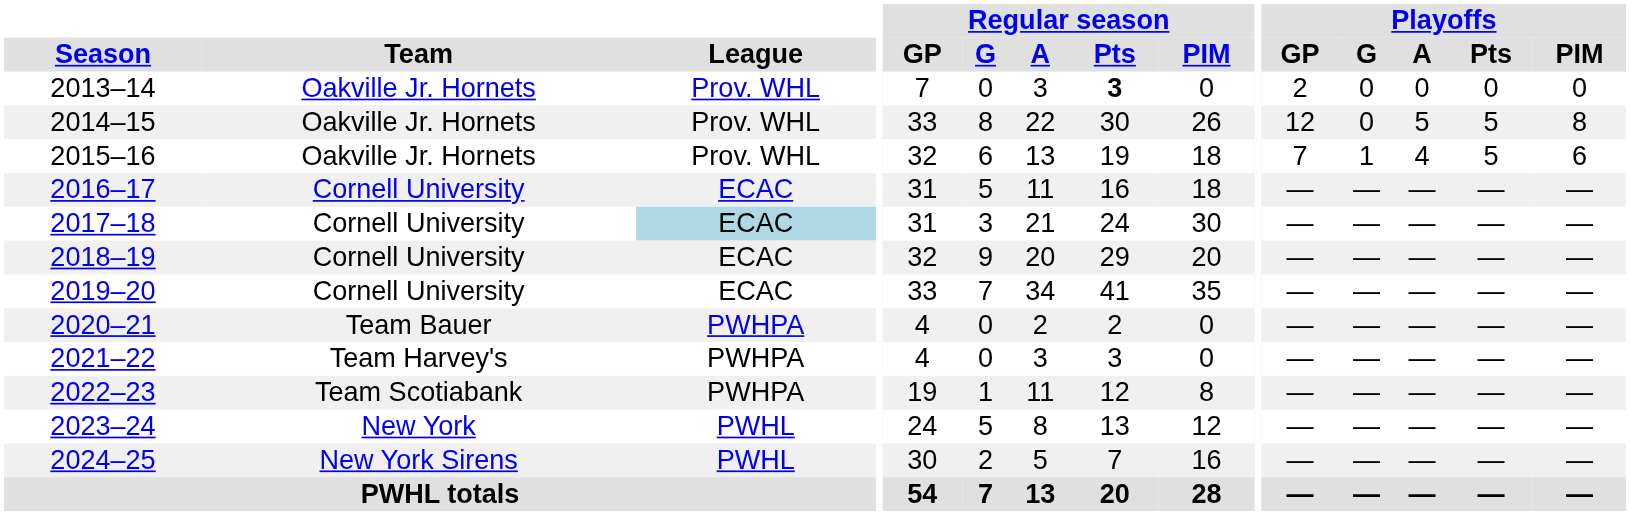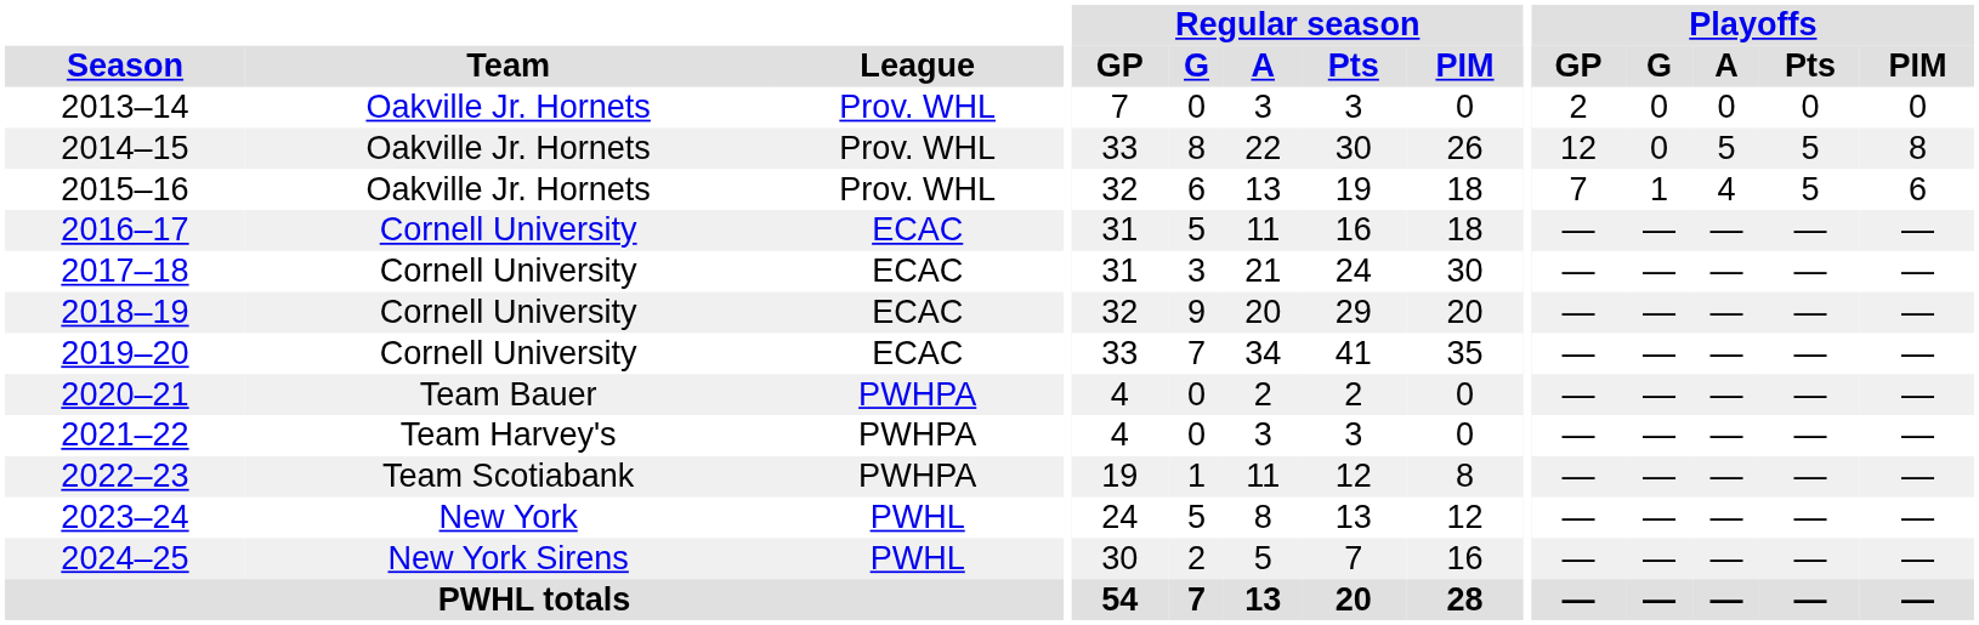 <table border="0" cellpadding="1" cellspacing="0" style="text-align:center; width:60em">
 <tr bgcolor="#e0e0e0">
 <th colspan="3" bgcolor="#ffffff"></th>
 <th rowspan="99" bgcolor="#ffffff"></th>
 <th colspan="5"><a href='#'>Regular season</a></th>
 <th rowspan="99" bgcolor="#ffffff"></th>
 <th colspan="5"><a href='#'>Playoffs</a></th>
 </tr>
 <tr bgcolor="#e0e0e0">
 <th><a href='#'>Season</a></th>
 <th>Team</th>
 <th>League</th>
 <th>GP</th>
 <th><a href='#'>G</a></th>
 <th><a href='#'>A</a></th>
 <th><a href='#'>Pts</a></th>
 <th><a href='#'>PIM</a></th>
 <th>GP</th>
 <th>G</th>
 <th>A</th>
 <th>Pts</th>
 <th>PIM</th>
 </tr>
 <tr>
 <td>2013–14</td>
 <td><a href='#'>Oakville Jr. Hornets</a></td>
 <td><a href='#'>Prov. WHL</a></td>
 <td>7</td>
 <td>0</td>
 <td>3</td>
-<td><strong>3</strong></td>
+<td>3</td>
 <td>0</td>
 <td>2</td>
 <td>0</td>
 <td>0</td>
 <td>0</td>
 <td>0</td>
 </tr>
 <tr bgcolor="#f0f0f0">
 <td>2014–15</td>
 <td>Oakville Jr. Hornets</td>
 <td>Prov. WHL</td>
 <td>33</td>
 <td>8</td>
 <td>22</td>
 <td>30</td>
 <td>26</td>
 <td>12</td>
 <td>0</td>
 <td>5</td>
 <td>5</td>
 <td>8</td>
 </tr>
 <tr>
 <td>2015–16</td>
 <td>Oakville Jr. Hornets</td>
 <td>Prov. WHL</td>
 <td>32</td>
 <td>6</td>
 <td>13</td>
 <td>19</td>
 <td>18</td>
 <td>7</td>
 <td>1</td>
 <td>4</td>
 <td>5</td>
 <td>6</td>
 </tr>
 <tr bgcolor="#f0f0f0">
 <td><a href='#'>2016–17</a></td>
 <td><a href='#'>Cornell University</a></td>
 <td><a href='#'>ECAC</a></td>
 <td>31</td>
 <td>5</td>
 <td>11</td>
 <td>16</td>
 <td>18</td>
 <td>—</td>
 <td>—</td>
 <td>—</td>
 <td>—</td>
 <td>—</td>
 </tr>
 <tr>
 <td><a href='#'>2017–18</a></td>
 <td>Cornell University</td>
-<td style="background: lightblue;">ECAC</td>
+<td>ECAC</td>
 <td>31</td>
 <td>3</td>
 <td>21</td>
 <td>24</td>
 <td>30</td>
 <td>—</td>
 <td>—</td>
 <td>—</td>
 <td>—</td>
 <td>—</td>
 </tr>
 <tr bgcolor="#f0f0f0">
 <td><a href='#'>2018–19</a></td>
 <td>Cornell University</td>
 <td>ECAC</td>
 <td>32</td>
 <td>9</td>
 <td>20</td>
 <td>29</td>
 <td>20</td>
 <td>—</td>
 <td>—</td>
 <td>—</td>
 <td>—</td>
 <td>—</td>
 </tr>
 <tr>
 <td><a href='#'>2019–20</a></td>
 <td>Cornell University</td>
 <td>ECAC</td>
 <td>33</td>
 <td>7</td>
 <td>34</td>
 <td>41</td>
 <td>35</td>
 <td>—</td>
 <td>—</td>
 <td>—</td>
 <td>—</td>
 <td>—</td>
 </tr>
 <tr bgcolor="#f0f0f0">
 <td><a href='#'>2020–21</a></td>
 <td>Team Bauer</td>
 <td><a href='#'>PWHPA</a></td>
 <td>4</td>
 <td>0</td>
 <td>2</td>
 <td>2</td>
 <td>0</td>
 <td>—</td>
 <td>—</td>
 <td>—</td>
 <td>—</td>
 <td>—</td>
 </tr>
 <tr>
 <td><a href='#'>2021–22</a></td>
 <td>Team Harvey's</td>
 <td>PWHPA</td>
 <td>4</td>
 <td>0</td>
 <td>3</td>
 <td>3</td>
 <td>0</td>
 <td>—</td>
 <td>—</td>
 <td>—</td>
 <td>—</td>
 <td>—</td>
 </tr>
 <tr bgcolor="#f0f0f0">
 <td><a href='#'>2022–23</a></td>
 <td>Team Scotiabank</td>
 <td>PWHPA</td>
 <td>19</td>
 <td>1</td>
 <td>11</td>
 <td>12</td>
 <td>8</td>
 <td>—</td>
 <td>—</td>
 <td>—</td>
 <td>—</td>
 <td>—</td>
 </tr>
 <tr>
 <td><a href='#'>2023–24</a></td>
 <td><a href='#'>New York</a></td>
 <td><a href='#'>PWHL</a></td>
 <td>24</td>
 <td>5</td>
 <td>8</td>
 <td>13</td>
 <td>12</td>
 <td>—</td>
 <td>—</td>
 <td>—</td>
 <td>—</td>
 <td>—</td>
 </tr>
 <tr bgcolor="#f0f0f0">
 <td><a href='#'>2024–25</a></td>
 <td><a href='#'>New York Sirens</a></td>
 <td><a href='#'>PWHL</a></td>
 <td>30</td>
 <td>2</td>
 <td>5</td>
 <td>7</td>
 <td>16</td>
 <td>—</td>
 <td>—</td>
 <td>—</td>
 <td>—</td>
 <td>—</td>
 </tr>
 <tr bgcolor="#e0e0e0">
 <th colspan="3">PWHL totals</th>
 <th>54</th>
 <th>7</th>
 <th>13</th>
 <th>20</th>
 <th>28</th>
 <th>—</th>
 <th>—</th>
 <th>—</th>
 <th>—</th>
 <th>—</th>
 </tr>
 </table>
